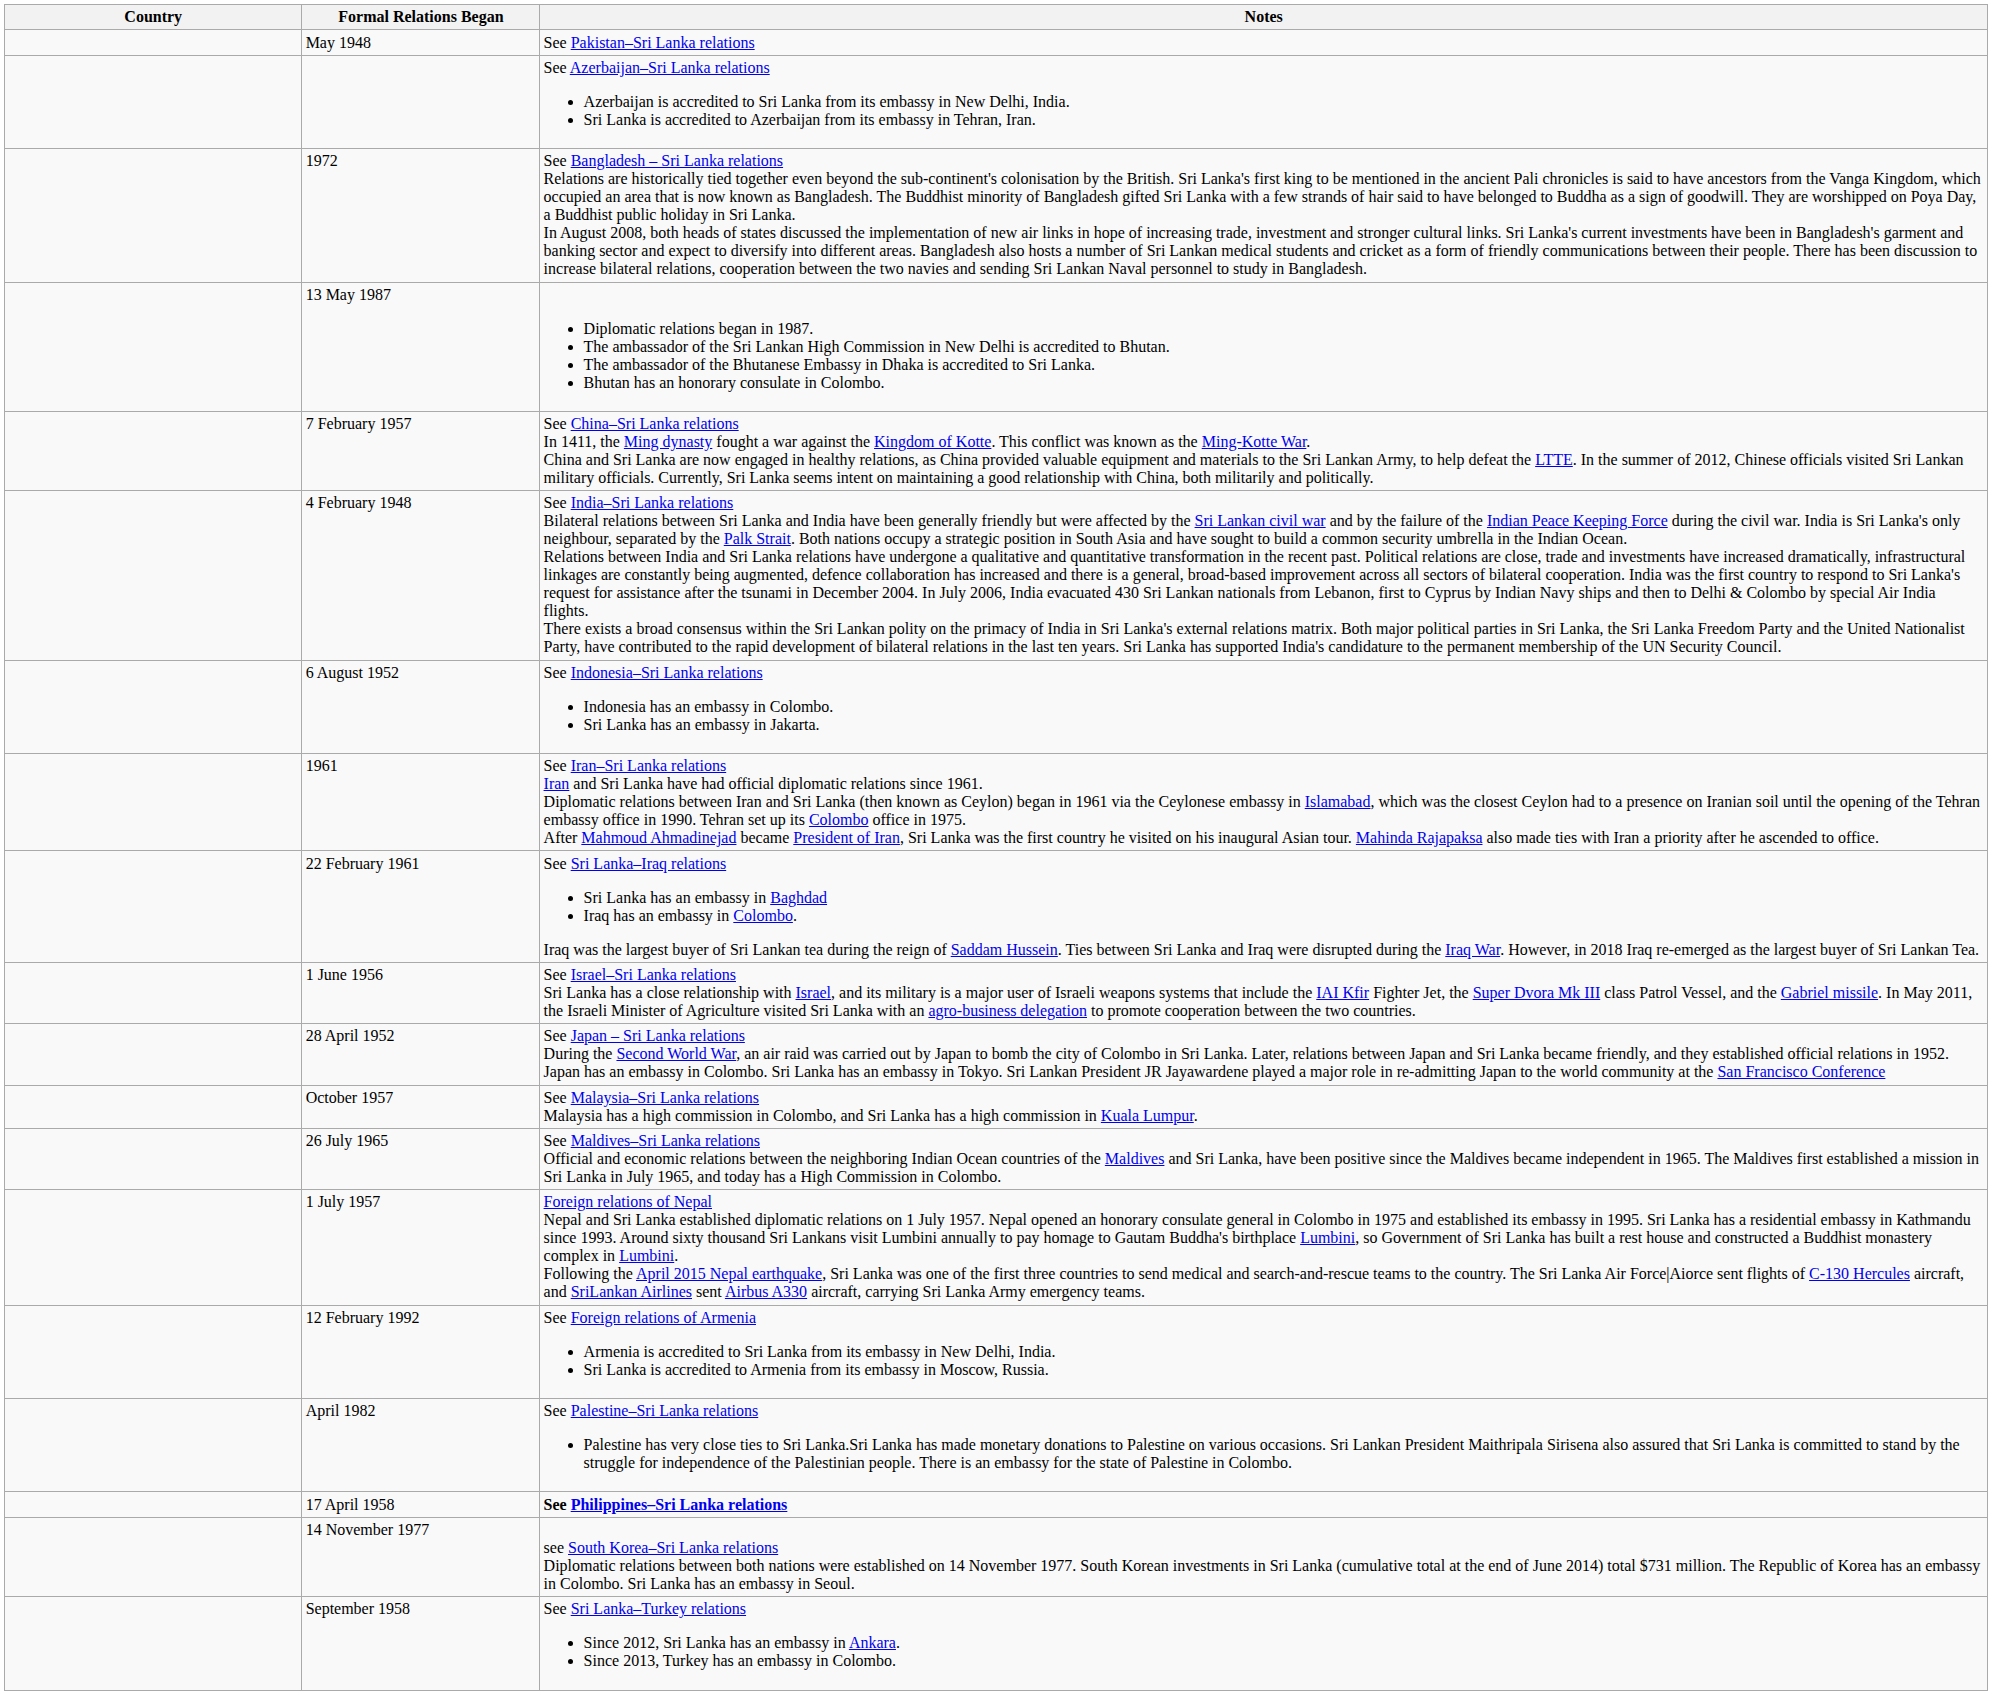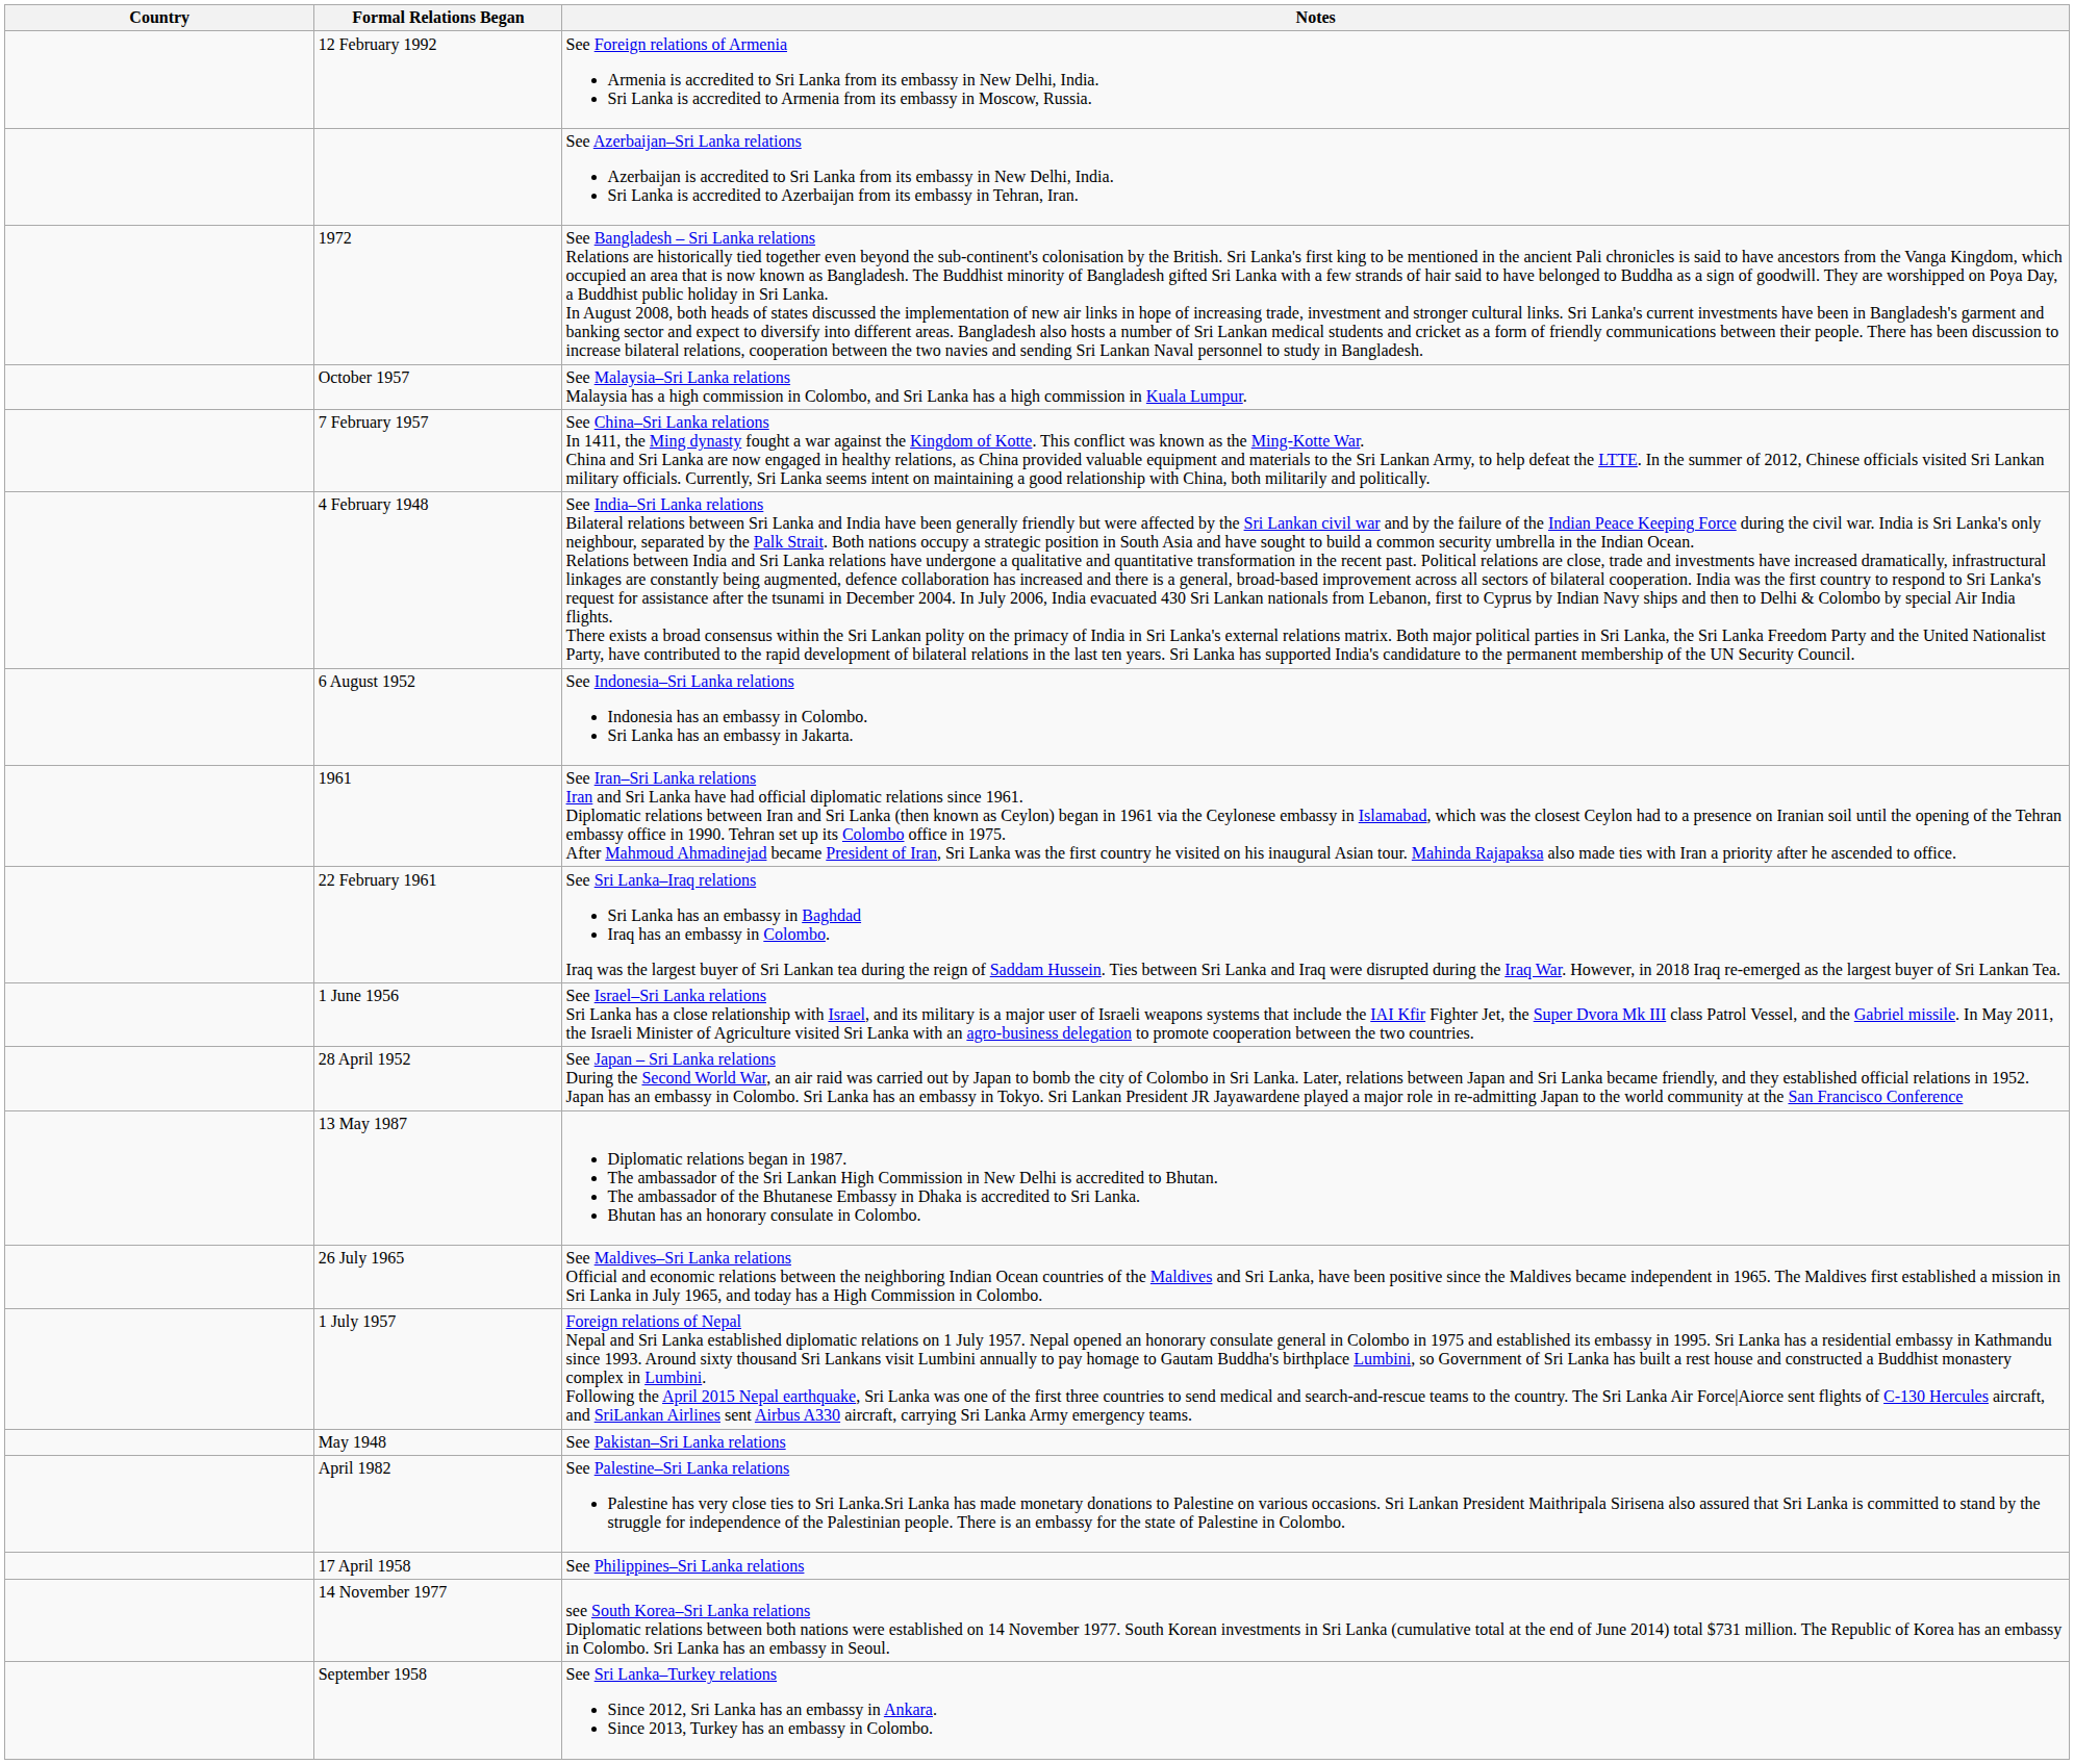 <table class="wikitable sortable" style="width:100%; margin:auto;">
 <tr>
 <th style="width:15%;">Country</th>
 <th style="width:12%;">Formal Relations Began</th>
 <th>Notes</th>
 </tr>
 <tr valign="top">
 <td></td>
-<td>May 1948</td>
-<td>See <a href='#'>Pakistan–Sri Lanka relations</a></td>
+<td>12 February 1992</td>
+<td>See <a href='#'>Foreign relations of Armenia</a><br><ul><li>Armenia is accredited to Sri Lanka from its embassy in New Delhi, India.</li><li>Sri Lanka is accredited to Armenia from its embassy in Moscow, Russia.</li></ul></td>
 </tr>
 <tr valign="top">
 <td></td>
 <td></td>
 <td>See <a href='#'>Azerbaijan–Sri Lanka relations</a><br><ul><li>Azerbaijan is accredited to Sri Lanka from its embassy in New Delhi, India.</li><li>Sri Lanka is accredited to Azerbaijan from its embassy in Tehran, Iran.</li></ul></td>
 </tr>
 <tr valign="top">
 <td></td>
 <td>1972</td>
 <td>See <a href='#'>Bangladesh – Sri Lanka relations</a><br>Relations are historically tied together even beyond the sub-continent's colonisation by the British. Sri Lanka's first king to be mentioned in the ancient Pali chronicles is said to have ancestors from the Vanga Kingdom, which occupied an area that is now known as Bangladesh. The Buddhist minority of Bangladesh gifted Sri Lanka with a few strands of hair said to have belonged to Buddha as a sign of goodwill. They are worshipped on Poya Day, a Buddhist public holiday in Sri Lanka.<br>In August 2008, both heads of states discussed the implementation of new air links in hope of increasing trade, investment and stronger cultural links. Sri Lanka's current investments have been in Bangladesh's garment and banking sector and expect to diversify into different areas. Bangladesh also hosts a number of Sri Lankan medical students and cricket as a form of friendly communications between their people. There has been discussion to increase bilateral relations, cooperation between the two navies and sending Sri Lankan Naval personnel to study in Bangladesh.</td>
 </tr>
 <tr valign="top">
 <td></td>
-<td>13 May 1987</td>
-<td><br><ul><li>Diplomatic relations began in 1987.</li><li>The ambassador of the Sri Lankan High Commission in New Delhi is accredited to Bhutan.</li><li>The ambassador of the Bhutanese Embassy in Dhaka is accredited to Sri Lanka.</li><li>Bhutan has an honorary consulate in Colombo.</li></ul></td>
+<td>October 1957</td>
+<td>See <a href='#'>Malaysia–Sri Lanka relations</a><br>Malaysia has a high commission in Colombo, and Sri Lanka has a high commission in <a href='#'>Kuala Lumpur</a>.</td>
 </tr>
 <tr valign="top">
 <td></td>
 <td>7 February 1957</td>
 <td>See <a href='#'>China–Sri Lanka relations</a><br>In 1411, the <a href='#'>Ming dynasty</a> fought a war against the <a href='#'>Kingdom of Kotte</a>. This conflict was known as the <a href='#'>Ming-Kotte War</a>.<br>China and Sri Lanka are now engaged in healthy relations, as China provided valuable equipment and materials to the Sri Lankan Army, to help defeat the <a href='#'>LTTE</a>. In the summer of 2012, Chinese officials visited Sri Lankan military officials. Currently, Sri Lanka seems intent on maintaining a good relationship with China, both militarily and politically.</td>
 </tr>
 <tr valign="top">
 <td></td>
 <td>4 February 1948</td>
 <td>See <a href='#'>India–Sri Lanka relations</a><br>Bilateral relations between Sri Lanka and India have been generally friendly but were affected by the <a href='#'>Sri Lankan civil war</a> and by the failure of the <a href='#'>Indian Peace Keeping Force</a> during the civil war. India is Sri Lanka's only neighbour, separated by the <a href='#'>Palk Strait</a>. Both nations occupy a strategic position in South Asia and have sought to build a common security umbrella in the Indian Ocean.<br>Relations between India and Sri Lanka relations have undergone a qualitative and quantitative transformation in the recent past. Political relations are close, trade and investments have increased dramatically, infrastructural linkages are constantly being augmented, defence collaboration has increased and there is a general, broad-based improvement across all sectors of bilateral cooperation. India was the first country to respond to Sri Lanka's request for assistance after the tsunami in December 2004. In July 2006, India evacuated 430 Sri Lankan nationals from Lebanon, first to Cyprus by Indian Navy ships and then to Delhi & Colombo by special Air India flights.<br>There exists a broad consensus within the Sri Lankan polity on the primacy of India in Sri Lanka's external relations matrix. Both major political parties in Sri Lanka, the Sri Lanka Freedom Party and the United Nationalist Party, have contributed to the rapid development of bilateral relations in the last ten years. Sri Lanka has supported India's candidature to the permanent membership of the UN Security Council.</td>
 </tr>
 <tr valign="top">
 <td></td>
 <td>6 August 1952</td>
 <td>See <a href='#'>Indonesia–Sri Lanka relations</a><br><ul><li>Indonesia has an embassy in Colombo.</li><li>Sri Lanka has an embassy in Jakarta.</li></ul></td>
 </tr>
 <tr valign="top">
 <td></td>
 <td>1961</td>
 <td>See <a href='#'>Iran–Sri Lanka relations</a><br><a href='#'>Iran</a> and Sri Lanka have had official diplomatic relations since 1961.<br>Diplomatic relations between Iran and Sri Lanka (then known as Ceylon) began in 1961 via the Ceylonese embassy in <a href='#'>Islamabad</a>, which was the closest Ceylon had to a presence on Iranian soil until the opening of the Tehran embassy office in 1990. Tehran set up its <a href='#'>Colombo</a> office in 1975.<br>After <a href='#'>Mahmoud Ahmadinejad</a> became <a href='#'>President of Iran</a>, Sri Lanka was the first country he visited on his inaugural Asian tour. <a href='#'>Mahinda Rajapaksa</a> also made ties with Iran a priority after he ascended to office.</td>
 </tr>
 <tr valign="top">
 <td></td>
 <td>22 February 1961</td>
 <td>See <a href='#'>Sri Lanka–Iraq relations</a><br><ul><li>Sri Lanka has an embassy in <a href='#'>Baghdad</a></li><li>Iraq has an embassy in <a href='#'>Colombo</a>.</li></ul>Iraq was the largest buyer of Sri Lankan tea during the reign of <a href='#'>Saddam Hussein</a>.  Ties between Sri Lanka and Iraq were disrupted during the <a href='#'>Iraq War</a>. However, in 2018 Iraq re-emerged as the largest buyer of Sri Lankan Tea.</td>
 </tr>
 <tr valign="top">
 <td></td>
 <td>1 June 1956</td>
 <td>See <a href='#'>Israel–Sri Lanka relations</a><br>Sri Lanka has a close relationship with <a href='#'>Israel</a>, and its military is a major user of Israeli weapons systems that include the <a href='#'>IAI Kfir</a> Fighter Jet, the <a href='#'>Super Dvora Mk III</a> class Patrol Vessel, and the <a href='#'>Gabriel missile</a>. In May 2011, the Israeli Minister of Agriculture visited Sri Lanka with an <a href='#'>agro-business delegation</a> to promote cooperation between the two countries.</td>
 </tr>
 <tr valign="top">
 <td></td>
 <td>28 April 1952</td>
 <td>See <a href='#'>Japan – Sri Lanka relations</a><br>During the <a href='#'>Second World War</a>, an air raid was carried out by Japan to bomb the city of Colombo in Sri Lanka. Later, relations between Japan and Sri Lanka became friendly, and they established official relations in 1952. Japan has an embassy in Colombo. Sri Lanka has an embassy in Tokyo. Sri Lankan President JR Jayawardene played a major role in re-admitting Japan to the world community at the <a href='#'>San Francisco Conference</a></td>
 </tr>
 <tr valign="top">
 <td></td>
-<td>October 1957</td>
-<td>See <a href='#'>Malaysia–Sri Lanka relations</a><br>Malaysia has a high commission in Colombo, and Sri Lanka has a high commission in <a href='#'>Kuala Lumpur</a>.</td>
+<td>13 May 1987</td>
+<td><br><ul><li>Diplomatic relations began in 1987.</li><li>The ambassador of the Sri Lankan High Commission in New Delhi is accredited to Bhutan.</li><li>The ambassador of the Bhutanese Embassy in Dhaka is accredited to Sri Lanka.</li><li>Bhutan has an honorary consulate in Colombo.</li></ul></td>
 </tr>
 <tr valign="top">
 <td></td>
 <td>26 July 1965</td>
 <td>See <a href='#'>Maldives–Sri Lanka relations</a><br>Official and economic relations between the neighboring Indian Ocean countries of the <a href='#'>Maldives</a> and Sri Lanka, have been positive since the Maldives became independent in 1965. The Maldives first established a mission in Sri Lanka in July 1965, and today has a High Commission in Colombo.</td>
 </tr>
 <tr valign="top">
 <td></td>
 <td>1 July 1957</td>
 <td><a href='#'>Foreign relations of Nepal</a><br>Nepal and Sri Lanka established diplomatic relations on 1 July 1957. Nepal opened an honorary consulate general in Colombo in 1975 and established its embassy in 1995. Sri Lanka has a residential embassy in Kathmandu since 1993. Around sixty thousand Sri Lankans visit Lumbini annually to pay homage to Gautam Buddha's birthplace <a href='#'>Lumbini</a>, so Government of Sri Lanka has built a rest house and constructed a Buddhist monastery complex in <a href='#'>Lumbini</a>.<br>Following the <a href='#'>April 2015 Nepal earthquake</a>, Sri Lanka was one of the first three countries to send medical and search-and-rescue teams to the country. The Sri Lanka Air Force|Aiorce sent flights of <a href='#'>C-130 Hercules</a> aircraft, and <a href='#'>SriLankan Airlines</a> sent <a href='#'>Airbus A330</a> aircraft, carrying Sri Lanka Army emergency teams.</td>
 </tr>
 <tr valign="top">
 <td></td>
-<td>12 February 1992</td>
-<td>See <a href='#'>Foreign relations of Armenia</a><br><ul><li>Armenia is accredited to Sri Lanka from its embassy in New Delhi, India.</li><li>Sri Lanka is accredited to Armenia from its embassy in Moscow, Russia.</li></ul></td>
+<td>May 1948</td>
+<td>See <a href='#'>Pakistan–Sri Lanka relations</a></td>
 </tr>
 <tr valign="top">
 <td></td>
 <td>April 1982</td>
 <td>See <a href='#'>Palestine–Sri Lanka relations</a><br><ul><li>Palestine has very close ties to Sri Lanka.Sri Lanka has made monetary donations to Palestine on various occasions. Sri Lankan President Maithripala Sirisena also assured that Sri Lanka is committed to stand by the struggle for independence of the Palestinian people. There is an embassy for the state of Palestine in Colombo.</li></ul></td>
 </tr>
 <tr valign="top">
 <td></td>
 <td>17 April 1958</td>
-<td><strong>See <a href='#'>Philippines–Sri Lanka relations</a></strong></td>
+<td>See <a href='#'>Philippines–Sri Lanka relations</a></td>
 </tr>
 <tr valign="top">
 <td></td>
 <td>14 November 1977</td>
 <td><br>see <a href='#'>South Korea–Sri Lanka relations</a><br>Diplomatic relations between both nations were established on 14 November 1977. South Korean investments in Sri Lanka (cumulative total at the end of June 2014) total $731 million. The Republic of Korea has an embassy in Colombo. Sri Lanka has an embassy in Seoul.</td>
 </tr>
 <tr valign="top">
 <td></td>
 <td>September 1958</td>
 <td>See <a href='#'>Sri Lanka–Turkey relations</a><br><ul><li>Since 2012, Sri Lanka has an embassy in <a href='#'>Ankara</a>.</li><li>Since 2013, Turkey has an embassy in Colombo.</li></ul></td>
 </tr>
 </table>
